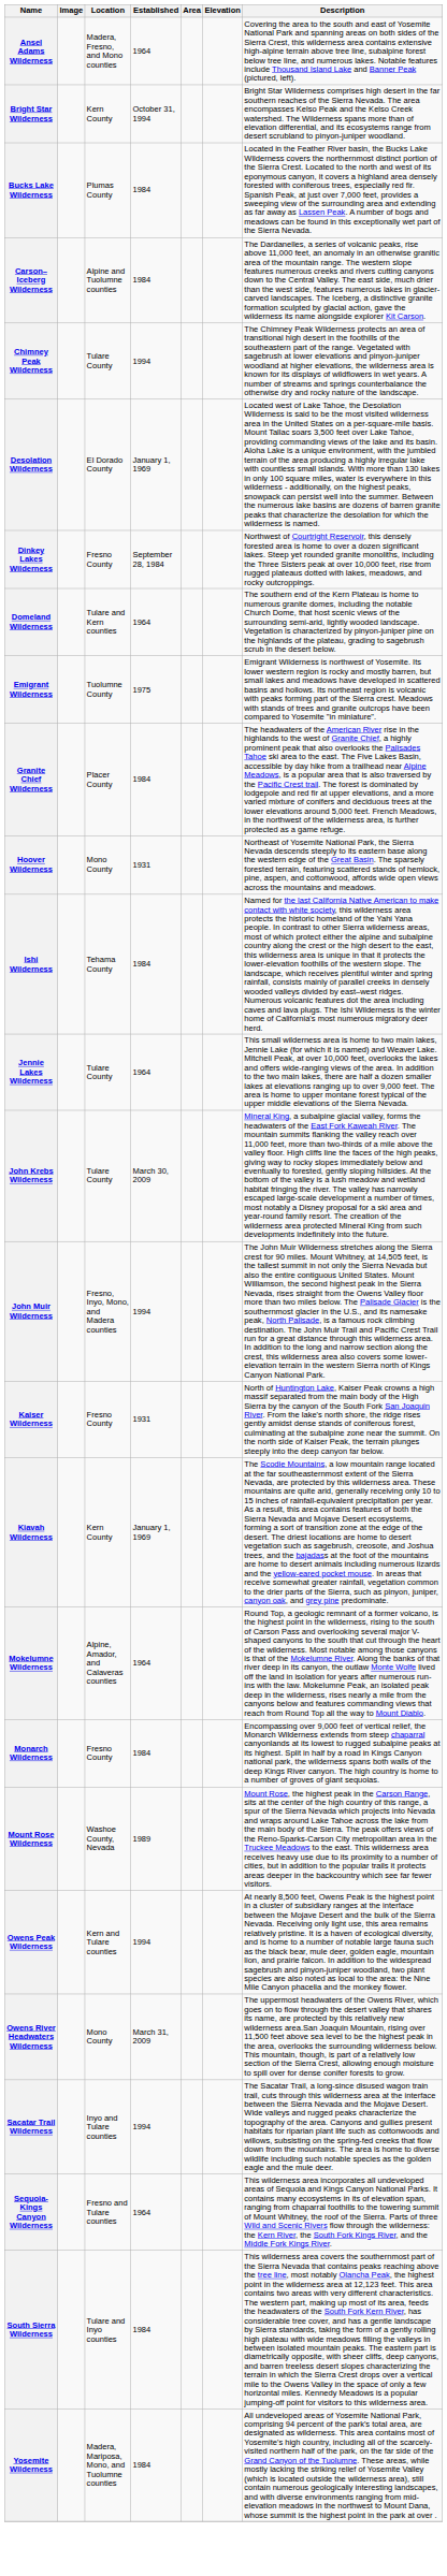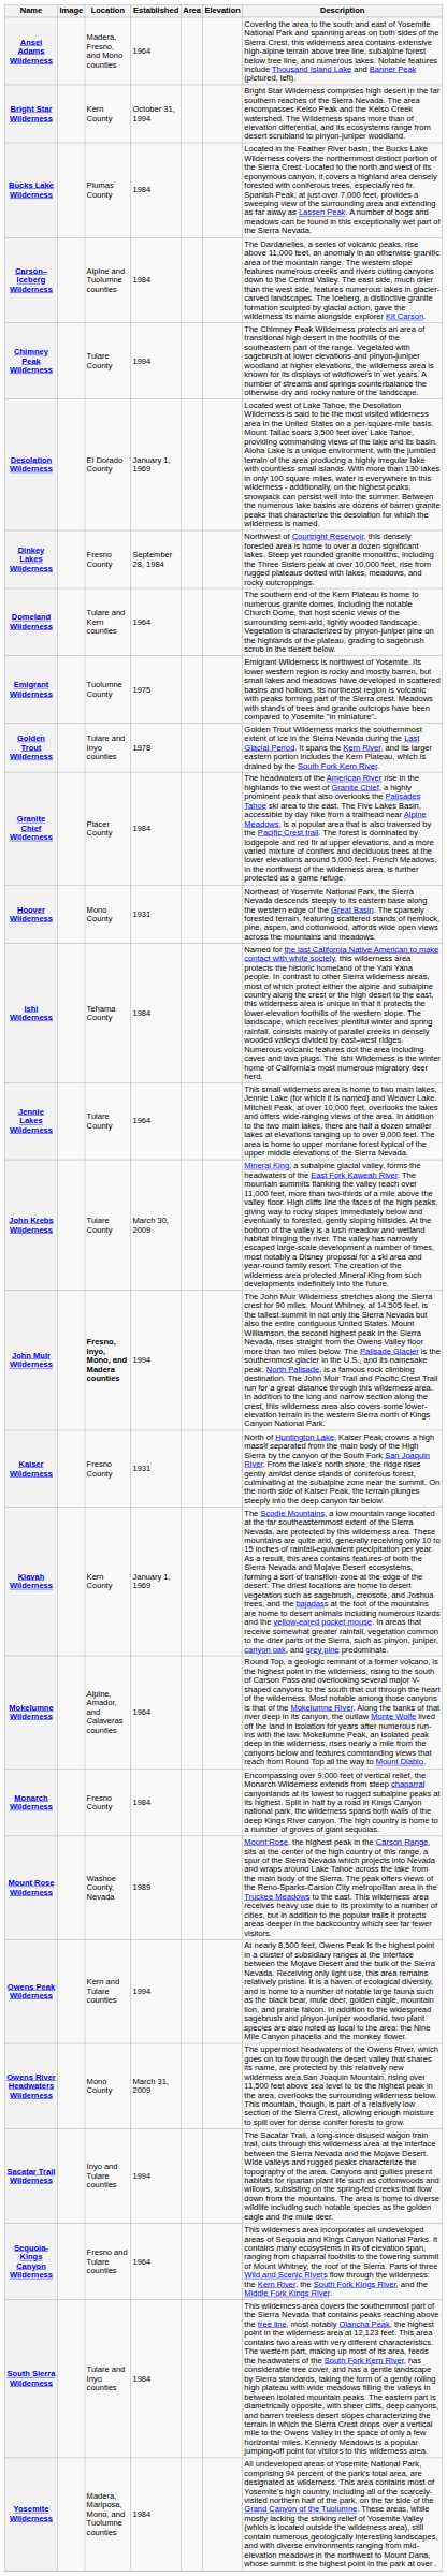 <table class="wikitable sortable plainrowheaders">
 <tr>
 <th scope="col">Name</th>
 <th scope="col" class="unsortable">Image</th>
 <th scope="col">Location</th>
 <th scope="col">Established</th>
 <th scope="col">Area</th>
 <th scope="col">Elevation</th>
 <th scope="col" class="unsortable">Description</th>
 </tr>
 <tr>
 <th><a href='#'>Ansel Adams Wilderness</a></th>
 <td></td>
 <td>Madera, Fresno, and Mono counties<br></td>
 <td>1964</td>
 <td></td>
 <td></td>
 <td>Covering the area to the south and east of Yosemite National Park and spanning areas on both sides of the Sierra Crest, this wilderness area contains extensive high-alpine terrain above tree line, subalpine forest below tree line, and numerous lakes. Notable features include <a href='#'>Thousand Island Lake</a> and <a href='#'>Banner Peak</a> (pictured, left).</td>
 </tr>
 <tr>
 <th><a href='#'>Bright Star Wilderness</a></th>
 <td></td>
 <td>Kern County<br></td>
 <td>October 31, 1994</td>
 <td></td>
 <td></td>
 <td>Bright Star Wilderness comprises high desert in the far southern reaches of the Sierra Nevada. The area encompasses Kelso Peak and the Kelso Creek watershed. The Wilderness spans more than  of elevation differential, and its ecosystems range from desert scrubland to pinyon-juniper woodland.</td>
 </tr>
 <tr>
 <th><a href='#'>Bucks Lake Wilderness</a></th>
 <td></td>
 <td>Plumas County<br></td>
 <td>1984</td>
 <td></td>
 <td></td>
 <td>Located in the Feather River basin, the Bucks Lake Wilderness covers the northernmost distinct portion of the Sierra Crest. Located to the north and west of its eponymous canyon, it covers a highland area densely forested with coniferous trees, especially red fir. Spanish Peak, at just over 7,000 feet, provides a sweeping view of the surrounding area and extending as far away as <a href='#'>Lassen Peak</a>. A number of bogs and meadows can be found in this exceptionally wet part of the Sierra Nevada.</td>
 </tr>
 <tr>
 <th><a href='#'>Carson–Iceberg Wilderness</a></th>
 <td></td>
 <td>Alpine and Tuolumne counties<br></td>
 <td>1984</td>
 <td></td>
 <td></td>
 <td>The Dardanelles, a series of volcanic peaks, rise above 11,000 feet, an anomaly in an otherwise granitic area of the mountain range. The western slope features numerous creeks and rivers cutting canyons down to the Central Valley. The east side, much drier than the west side, features numerous lakes in glacier-carved landscapes. The Iceberg, a distinctive granite formation sculpted by glacial action, gave the wilderness its name alongside explorer <a href='#'>Kit Carson</a>.</td>
 </tr>
 <tr>
 <th><a href='#'>Chimney Peak Wilderness</a></th>
 <td></td>
 <td>Tulare County<br></td>
 <td>1994</td>
 <td></td>
 <td></td>
 <td>The Chimney Peak Wilderness protects an area of transitional high desert in the foothills of the southeastern part of the range. Vegetated with sagebrush at lower elevations and pinyon-juniper woodland at higher elevations, the wilderness area is known for its displays of wildflowers in wet years. A number of streams and springs counterbalance the otherwise dry and rocky nature of the landscape.</td>
 </tr>
 <tr>
 <th><a href='#'>Desolation Wilderness</a></th>
 <td></td>
 <td>El Dorado County<br></td>
 <td>January 1, 1969</td>
 <td></td>
 <td></td>
 <td>Located west of Lake Tahoe, the Desolation Wilderness is said to be the most visited wilderness area in the United States on a per-square-mile basis.  Mount Tallac soars 3,500 feet over Lake Tahoe, providing commanding views of the lake and its basin. Aloha Lake is a unique environment, with the jumbled terrain of the area producing a highly irregular lake with countless small islands. With more than 130 lakes in only 100 square miles, water is everywhere in this wilderness - additionally, on the highest peaks, snowpack can persist well into the summer. Between the numerous lake basins are dozens of barren granite peaks that characterize the desolation for which the wilderness is named.</td>
 </tr>
 <tr>
 <th><a href='#'>Dinkey Lakes Wilderness</a></th>
 <td></td>
 <td>Fresno County<br></td>
 <td>September 28, 1984</td>
 <td></td>
 <td></td>
 <td>Northwest of <a href='#'>Courtright Reservoir</a>, this densely forested area is home to over a dozen significant lakes. Steep yet rounded granite monoliths, including the Three Sisters peak at over 10,000 feet, rise from rugged plateaus dotted with lakes, meadows, and rocky outcroppings.</td>
 </tr>
 <tr>
 <th><a href='#'>Domeland Wilderness</a></th>
 <td></td>
 <td>Tulare and Kern counties<br></td>
 <td>1964</td>
 <td></td>
 <td></td>
 <td>The southern end of the Kern Plateau is home to numerous granite domes, including the notable Church Dome, that host scenic views of the surrounding semi-arid, lightly wooded landscape. Vegetation is characterized by pinyon-juniper pine on the highlands of the plateau, grading to sagebrush scrub in the desert below.</td>
 </tr>
 <tr>
 <th><a href='#'>Emigrant Wilderness</a></th>
 <td></td>
 <td>Tuolumne County<br></td>
 <td>1975</td>
 <td></td>
 <td></td>
 <td>Emigrant Wilderness is northwest of Yosemite. Its lower western region is rocky and mostly barren, but small lakes and meadows have developed in scattered basins and hollows. Its northeast region is volcanic with peaks forming part of the Sierra crest. Meadows with stands of trees and granite outcrops have been compared to Yosemite "in miniature".</td>
 </tr>
 <tr>
+<th><a href='#'>Golden Trout Wilderness</a></th>
+<td></td>
+<td>Tulare and Inyo counties<br></td>
+<td>1978</td>
+<td></td>
+<td></td>
+<td>Golden Trout Wilderness marks the southernmost extent of ice in the Sierra Nevada during the <a href='#'>Last Glacial Period</a>. It spans the <a href='#'>Kern River</a>, and its larger eastern portion includes the Kern Plateau, which is drained by the <a href='#'>South Fork Kern River</a>.</td>
+</tr>
+<tr>
 <th><a href='#'>Granite Chief Wilderness</a></th>
 <td></td>
 <td>Placer County<br></td>
 <td>1984</td>
 <td></td>
 <td></td>
 <td>The headwaters of the <a href='#'>American River</a> rise in the highlands to the west of <a href='#'>Granite Chief</a>, a highly prominent peak that also overlooks the <a href='#'>Palisades Tahoe</a> ski area to the east. The Five Lakes Basin, accessible by day hike from a trailhead near <a href='#'>Alpine Meadows</a>, is a popular area that is also traversed by the <a href='#'>Pacific Crest trail</a>. The forest is dominated by lodgepole and red fir at upper elevations, and a more varied mixture of conifers and deciduous trees at the lower elevations around 5,000 feet. French Meadows, in the northwest of the wilderness area, is further protected as a game refuge.</td>
 </tr>
 <tr>
 <th><a href='#'>Hoover Wilderness</a></th>
 <td></td>
 <td>Mono County<br></td>
 <td>1931</td>
 <td></td>
 <td></td>
 <td>Northeast of Yosemite National Park, the Sierra Nevada descends steeply to its eastern base along the western edge of the <a href='#'>Great Basin</a>. The sparsely forested terrain, featuring scattered stands of hemlock, pine, aspen, and cottonwood, affords wide open views across the mountains and meadows.</td>
 </tr>
 <tr>
 <th><a href='#'>Ishi Wilderness</a></th>
 <td></td>
 <td>Tehama County<br></td>
 <td>1984</td>
 <td></td>
 <td></td>
 <td>Named for <a href='#'>the last California Native American to make contact with white society</a>, this wilderness area protects the historic homeland of the Yahi Yana people. In contrast to other Sierra wilderness areas, most of which protect either the alpine and subalpine country along the crest or the high desert to the east, this wilderness area is unique in that it protects the lower-elevation foothills of the western slope. The landscape, which receives plentiful winter and spring rainfall, consists mainly of parallel creeks in densely wooded valleys divided by east–west ridges. Numerous volcanic features dot the area including caves and lava plugs. The Ishi Wilderness is the winter home of California's most numerous migratory deer herd.</td>
 </tr>
 <tr>
 <th><a href='#'>Jennie Lakes Wilderness</a></th>
 <td></td>
 <td>Tulare County<br></td>
 <td>1964</td>
 <td></td>
 <td></td>
 <td>This small wilderness area is home to two main lakes, Jennie Lake (for which it is named) and Weaver Lake. Mitchell Peak, at over 10,000 feet, overlooks the lakes and offers wide-ranging views of the area. In addition to the two main lakes, there are half a dozen smaller lakes at elevations ranging up to over 9,000 feet. The area is home to upper montane forest typical of the upper middle elevations of the Sierra Nevada.</td>
 </tr>
 <tr>
 <th><a href='#'>John Krebs Wilderness</a></th>
 <td></td>
 <td>Tulare County<br></td>
 <td>March 30, 2009</td>
 <td></td>
 <td></td>
 <td><a href='#'>Mineral King</a>, a subalpine glacial valley, forms the headwaters of the <a href='#'>East Fork Kaweah River</a>. The mountain summits flanking the valley reach over 11,000 feet, more than two-thirds of a mile above the valley floor. High cliffs line the faces of the high peaks, giving way to rocky slopes immediately below and eventually to forested, gently sloping hillsides. At the bottom of the valley is a lush meadow and wetland habitat fringing the river. The valley has narrowly escaped large-scale development a number of times, most notably a Disney proposal for a ski area and year-round family resort. The creation of the wilderness area protected Mineral King from such developments indefinitely into the future.</td>
 </tr>
 <tr>
 <th><a href='#'>John Muir Wilderness</a></th>
 <td></td>
-<td>Fresno, Inyo, Mono, and Madera counties<br></td>
+<td><strong>Fresno, Inyo, Mono, and Madera counties<br></strong></td>
 <td>1994</td>
 <td></td>
 <td></td>
 <td>The John Muir Wilderness stretches along the Sierra crest for 90 miles. Mount Whitney, at 14,505 feet, is the tallest summit in not only the Sierra Nevada but also the entire contiguous United States. Mount Williamson, the second highest peak in the Sierra Nevada, rises straight from the Owens Valley floor more than two miles below. The <a href='#'>Palisade Glacier</a> is the southernmost glacier in the U.S., and its namesake peak, <a href='#'>North Palisade</a>, is a famous rock climbing destination. The John Muir Trail and Pacific Crest Trail run for a great distance through this wilderness area. In addition to the long and narrow section along the crest, this wilderness area also covers some lower-elevation terrain in the western Sierra north of Kings Canyon National Park.</td>
 </tr>
 <tr>
 <th><a href='#'>Kaiser Wilderness</a></th>
 <td></td>
 <td>Fresno County<br></td>
 <td>1931</td>
 <td></td>
 <td></td>
 <td>North of <a href='#'>Huntington Lake</a>, Kaiser Peak crowns a high massif separated from the main body of the High Sierra by the canyon of the South Fork <a href='#'>San Joaquin River</a>. From the lake's north shore, the ridge rises gently amidst dense stands of coniferous forest, culminating at the subalpine zone near the summit. On the north side of Kaiser Peak, the terrain plunges steeply into the deep canyon far below.</td>
 </tr>
 <tr>
 <th><a href='#'>Kiavah Wilderness</a></th>
 <td></td>
 <td>Kern County<br></td>
 <td>January 1, 1969</td>
 <td></td>
 <td></td>
 <td>The <a href='#'>Scodie Mountains</a>, a low mountain range located at the far southeasternmost extent of the Sierra Nevada, are protected by this wilderness area. These mountains are quite arid, generally receiving only 10 to 15 inches of rainfall-equivalent precipitation per year. As a result, this area contains features of both the Sierra Nevada and Mojave Desert ecosystems, forming a sort of transition zone at the edge of the desert. The driest locations are home to desert vegetation such as sagebrush, creosote, and Joshua trees, and the <a href='#'>bajadas</a>s at the foot of the mountains are home to desert animals including numerous lizards and the <a href='#'>yellow-eared pocket mouse</a>. In areas that receive somewhat greater rainfall, vegetation common to the drier parts of the Sierra, such as pinyon, juniper, <a href='#'>canyon oak</a>, and <a href='#'>grey pine</a> predominate.</td>
 </tr>
 <tr>
 <th><a href='#'>Mokelumne Wilderness</a></th>
 <td></td>
 <td>Alpine, Amador, and Calaveras counties<br></td>
 <td>1964</td>
 <td></td>
 <td></td>
 <td>Round Top, a geologic remnant of a former volcano, is the highest point in the wilderness, rising to the south of Carson Pass and overlooking several major V-shaped canyons to the south that cut through the heart of the wilderness. Most notable among those canyons is that of the <a href='#'>Mokelumne River</a>. Along the banks of that river deep in its canyon, the outlaw <a href='#'>Monte Wolfe</a> lived off the land in isolation for years after numerous run-ins with the law. Mokelumne Peak, an isolated peak deep in the wilderness, rises nearly a mile from the canyons below and features commanding views that reach from Round Top all the way to <a href='#'>Mount Diablo</a>.</td>
 </tr>
 <tr>
 <th><a href='#'>Monarch Wilderness</a></th>
 <td></td>
 <td>Fresno County<br></td>
 <td>1984</td>
 <td></td>
 <td></td>
 <td>Encompassing over 9,000 feet of vertical relief, the Monarch Wilderness extends from steep <a href='#'>chaparral</a> canyonlands at its lowest to rugged subalpine peaks at its highest. Split in half by a road in Kings Canyon national park, the wilderness spans both walls of the deep Kings River canyon. The high country is home to a number of groves of giant sequoias.</td>
 </tr>
 <tr>
 <th><a href='#'>Mount Rose Wilderness</a></th>
 <td></td>
 <td>Washoe County, Nevada<br></td>
 <td>1989</td>
 <td></td>
 <td></td>
 <td><a href='#'>Mount Rose</a>, the highest peak in the <a href='#'>Carson Range</a>, sits at the center of the high country of this range, a spur of the Sierra Nevada which projects into Nevada and wraps around Lake Tahoe across the lake from the main body of the Sierra. The peak offers views of the Reno-Sparks-Carson City metropolitan area in the <a href='#'>Truckee Meadows</a> to the east. This wilderness area receives heavy use due to its proximity to a number of cities, but in addition to the popular trails it protects areas deeper in the backcountry which see far fewer visitors.</td>
 </tr>
 <tr>
 <th><a href='#'>Owens Peak Wilderness</a></th>
 <td></td>
 <td>Kern and Tulare counties<br></td>
 <td>1994</td>
 <td></td>
 <td></td>
 <td>At nearly 8,500 feet, Owens Peak is the highest point in a cluster of subsidiary ranges at the interface between the Mojave Desert and the bulk of the Sierra Nevada. Receiving only light use, this area remains relatively pristine. It is a haven of ecological diversity, and is home to a number of notable large fauna such as the black bear, mule deer, golden eagle, mountain lion, and prairie falcon. In addition to the widespread sagebrush and pinyon-juniper woodland, two plant species are also noted as local to the area: the Nine Mile Canyon phacelia and the monkey flower.</td>
 </tr>
 <tr>
 <th><a href='#'>Owens River Headwaters Wilderness</a></th>
 <td></td>
 <td>Mono County<br></td>
 <td>March 31, 2009</td>
 <td></td>
 <td></td>
 <td>The uppermost headwaters of the Owens River, which goes on to flow through the desert valley that shares its name, are protected by this relatively new wilderness area.San Joaquin Mountain, rising over 11,500 feet above sea level to be the highest peak in the area, overlooks the surrounding wilderness below. This mountain, though, is part of a relatively low section of the Sierra Crest, allowing enough moisture to spill over for dense conifer forests to grow.</td>
 </tr>
 <tr>
 <th><a href='#'>Sacatar Trail Wilderness</a></th>
 <td></td>
 <td>Inyo and Tulare counties<br></td>
 <td>1994</td>
 <td></td>
 <td></td>
 <td>The Sacatar Trail, a long-since disused wagon train trail, cuts through this wilderness area at the interface between the Sierra Nevada and the Mojave Desert. Wide valleys and rugged peaks characterize the topography of the area. Canyons and gullies present habitats for riparian plant life such as cottonwoods and willows, subsisting on the spring-fed creeks that flow down from the mountains. The area is home to diverse wildlife including such notable species as the golden eagle and the mule deer.</td>
 </tr>
 <tr>
 <th><a href='#'>Sequoia-Kings Canyon Wilderness</a></th>
 <td></td>
 <td>Fresno and Tulare counties<br></td>
 <td>1964</td>
 <td></td>
 <td></td>
 <td>This wilderness area incorporates all undeveloped areas of Sequoia and Kings Canyon National Parks. It contains many ecosystems in its  of elevation span, ranging from chaparral foothills to the towering summit of Mount Whitney, the roof of the Sierra. Parts of three <a href='#'>Wild and Scenic Rivers</a> flow through the wilderness: the <a href='#'>Kern River</a>, the <a href='#'>South Fork Kings River</a>, and the <a href='#'>Middle Fork Kings River</a>.</td>
 </tr>
 <tr>
 <th><a href='#'>South Sierra Wilderness</a></th>
 <td></td>
 <td>Tulare and Inyo counties<br></td>
 <td>1984</td>
 <td></td>
 <td></td>
 <td>This wilderness area covers the southernmost part of the Sierra Nevada that contains peaks reaching above the <a href='#'>tree line</a>, most notably <a href='#'>Olancha Peak</a>, the highest point in the wilderness area at 12,123 feet. This area contains two areas with very different characteristics. The western part, making up most of its area, feeds the headwaters of the <a href='#'>South Fork Kern River</a>, has considerable tree cover, and has a gentle landscape by Sierra standards, taking the form of a gently rolling high plateau with wide meadows filling the valleys in between isolated mountain peaks. The eastern part is diametrically opposite, with sheer cliffs, deep canyons, and barren treeless desert slopes characterizing the terrain in which the Sierra Crest drops over a vertical mile to the Owens Valley in the space of only a few horizontal miles. Kennedy Meadows is a popular jumping-off point for visitors to this wilderness area.</td>
 </tr>
 <tr>
 <th><a href='#'>Yosemite Wilderness</a></th>
 <td></td>
 <td>Madera, Mariposa, Mono, and Tuolumne counties<br></td>
 <td>1984</td>
 <td></td>
 <td></td>
 <td>All undeveloped areas of Yosemite National Park, comprising 94 percent of the park's total area, are designated as wilderness. This area contains most of Yosemite's high country, including all of the scarcely-visited northern half of the park, on the far side of the <a href='#'>Grand Canyon of the Tuolumne</a>. These areas, while mostly lacking the striking relief of Yosemite Valley (which is located outside the wilderness area), still contain numerous geologically interesting landscapes, and with diverse environments ranging from mid-elevation meadows in the northwest to Mount Dana, whose summit is the highest point in the park at over .</td>
 </tr>
 <tr>
 </tr>
 </table>
